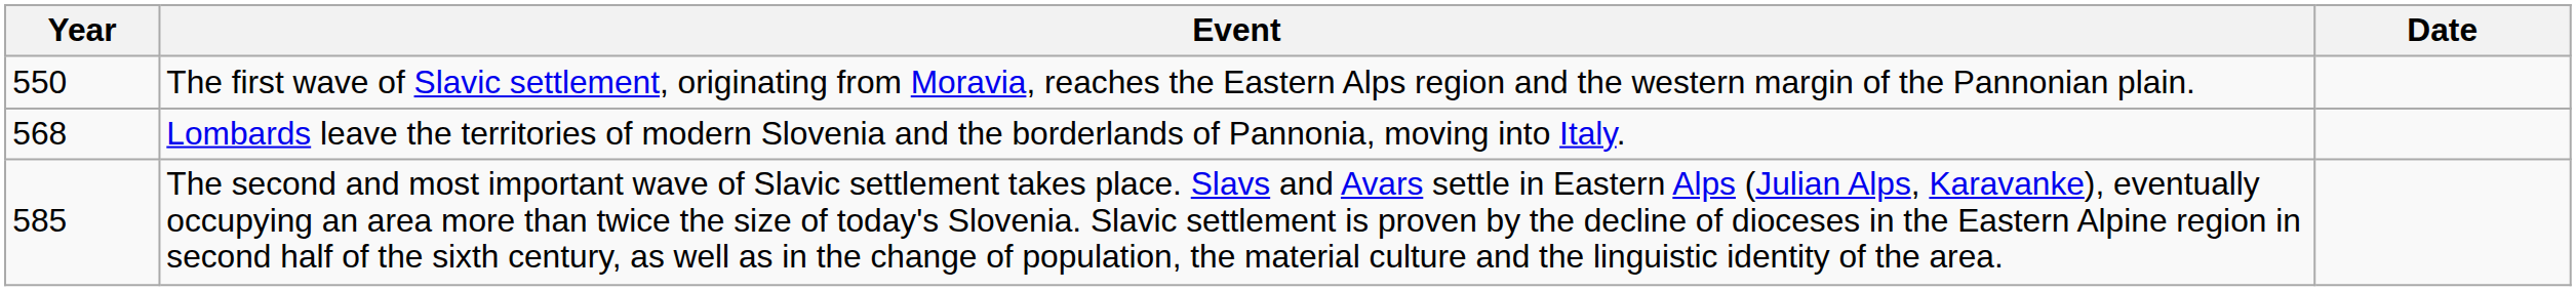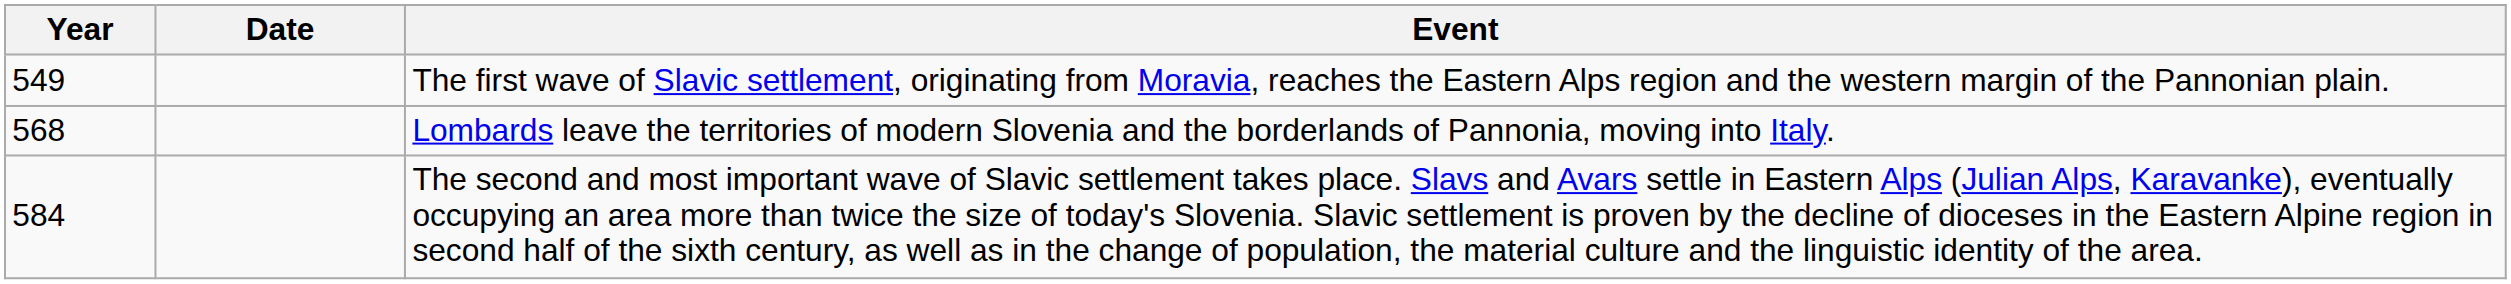 <table class="wikitable" width="100%">
 <tr>
 <th style="width:6%">Year</th>
+<th style="width:10%">Date</th>
 <th>Event</th>
-<th style="width:10%">Date</th>
 </tr>
 <tr>
-<td>550</td>
+<td>549</td>
+<td></td>
 <td>The first wave of <a href='#'>Slavic settlement</a>, originating from <a href='#'>Moravia</a>, reaches the Eastern Alps region and the western margin of the Pannonian plain.</td>
-<td></td>
 </tr>
 <tr>
 <td>568</td>
+<td></td>
 <td><a href='#'>Lombards</a> leave the territories of modern Slovenia and the borderlands of Pannonia, moving into <a href='#'>Italy</a>.</td>
-<td></td>
 </tr>
 <tr>
-<td>585</td>
+<td>584</td>
+<td></td>
 <td>The second and most important wave of Slavic settlement takes place. <a href='#'>Slavs</a> and <a href='#'>Avars</a> settle in Eastern <a href='#'>Alps</a> (<a href='#'>Julian Alps</a>, <a href='#'>Karavanke</a>), eventually occupying an area more than twice the size of today's Slovenia. Slavic settlement is proven by the decline of dioceses in the Eastern Alpine region in second half of the sixth century, as well as in the change of population, the material culture and the linguistic identity of the area.</td>
-<td></td>
 </tr>
 </table>
